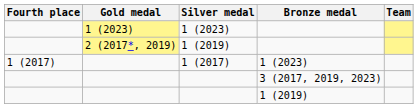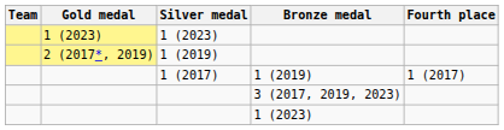 <table class="wikitable sortable">
 <tr>
-<th>Fourth place</th>
+<th>Team</th>
 <th>Gold medal</th>
 <th>Silver medal</th>
 <th>Bronze medal</th>
-<th>Team</th>
+<th>Fourth place</th>
+</tr>
+<tr>
+<td bgcolor=#FFF68F></td>
+<td bgcolor=#FFF68F>1 (2023)</td>
+<td>1 (2023)</td>
+<td></td>
+<td></td>
+</tr>
+<tr>
+<td bgcolor=#FFF68F></td>
+<td bgcolor=#FFF68F>2 (2017<a href='#'>*</a>, 2019)</td>
+<td>1 (2019)</td>
+<td></td>
+<td></td>
 </tr>
 <tr>
 <td></td>
-<td bgcolor=#FFF68F>1 (2023)</td>
-<td>1 (2023)</td>
-<td></td>
-<td bgcolor=#FFF68F></td>
-</tr>
-<tr>
-<td></td>
-<td bgcolor=#FFF68F>2 (2017<a href='#'>*</a>, 2019)</td>
-<td>1 (2019)</td>
-<td></td>
-<td bgcolor=#FFF68F></td>
-</tr>
-<tr>
-<td>1 (2017)</td>
 <td></td>
 <td>1 (2017)</td>
-<td>1 (2023)</td>
-<td></td>
+<td>1 (2019)</td>
+<td>1 (2017)</td>
 </tr>
 <tr>
 <td></td>
 <td></td>
 <td></td>
 <td>3 (2017, 2019, 2023)</td>
 <td></td>
 </tr>
 <tr>
 <td></td>
 <td></td>
 <td></td>
-<td>1 (2019)</td>
+<td>1 (2023)</td>
 <td></td>
 </tr>
 </table>
